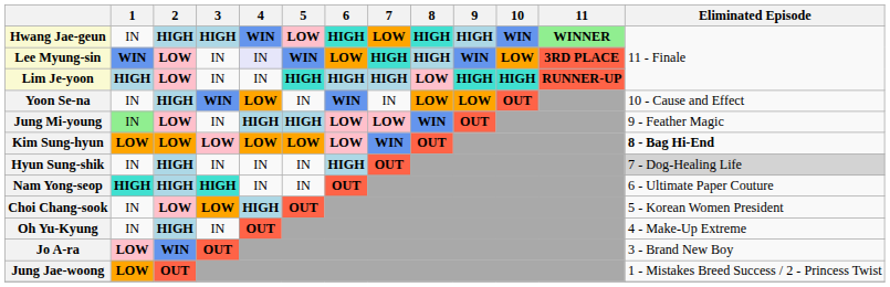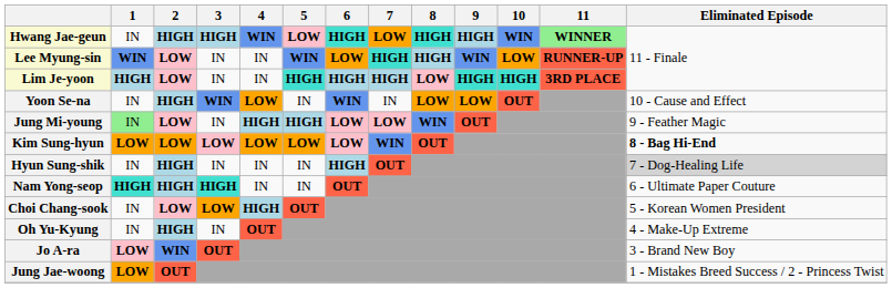 <table class="wikitable" style="text-align:center">
 <tr>
 <th></th>
 <th>1</th>
 <th>2</th>
 <th>3</th>
 <th>4</th>
 <th>5</th>
 <th>6</th>
 <th>7</th>
 <th>8</th>
 <th>9</th>
 <th>10</th>
 <th>11</th>
 <th>Eliminated Episode</th>
 </tr>
 <tr>
 <th style="background:#FAFAD2;">Hwang Jae-geun</th>
 <td>IN</td>
 <td style="background:lightblue;"><strong>HIGH</strong></td>
 <td style="background:lightblue;"><strong>HIGH</strong></td>
 <td style="background:cornflowerblue;"><strong>WIN</strong></td>
 <td style="background:pink;"><strong>LOW</strong></td>
 <td style="background:turquoise;"><strong>HIGH</strong></td>
 <td style="background:orange;"><strong>LOW</strong></td>
 <td style="background:turquoise;"><strong>HIGH</strong></td>
 <td style="background:lightblue;"><strong>HIGH</strong></td>
 <td style="background:cornflowerblue;"><strong>WIN</strong></td>
 <td style="background:lightgreen;"><strong>WINNER</strong></td>
 <td style="text-align:left" rowspan="3">11 - Finale</td>
 </tr>
 <tr>
 <th style="background:#FAFAD2;">Lee Myung-sin</th>
 <td style="background:cornflowerblue;"><strong>WIN</strong></td>
 <td style="background:pink;"><strong>LOW</strong></td>
 <td>IN</td>
-<td style="background: lavender;">IN</td>
+<td>IN</td>
 <td style="background:cornflowerblue;"><strong>WIN</strong></td>
 <td style="background:orange;"><strong>LOW</strong></td>
 <td style="background:turquoise;"><strong>HIGH</strong></td>
 <td style="background:lightblue;"><strong>HIGH</strong></td>
 <td style="background:cornflowerblue;"><strong>WIN</strong></td>
 <td style="background:orange;"><strong>LOW</strong></td>
-<td style="background:tomato;"><strong>3RD PLACE</strong></td>
+<td style="background:tomato;"><strong>RUNNER-UP</strong></td>
 </tr>
 <tr>
 <th style="background:#FAFAD2;">Lim Je-yoon</th>
 <td style="background:lightblue;"><strong>HIGH</strong></td>
 <td style="background:pink;"><strong>LOW</strong></td>
 <td>IN</td>
 <td>IN</td>
 <td style="background:turquoise;"><strong>HIGH</strong></td>
 <td style="background:lightblue;"><strong>HIGH</strong></td>
 <td style="background:lightblue;"><strong>HIGH</strong></td>
 <td style="background:pink;"><strong>LOW</strong></td>
 <td style="background:turquoise;"><strong>HIGH</strong></td>
 <td style="background:turquoise;"><strong>HIGH</strong></td>
-<td style="background:tomato;"><strong>RUNNER-UP</strong></td>
+<td style="background:tomato;"><strong>3RD PLACE</strong></td>
 </tr>
 <tr>
 <th>Yoon Se-na</th>
 <td>IN</td>
 <td style="background:lightblue;"><strong>HIGH</strong></td>
 <td style="background:cornflowerblue;"><strong>WIN</strong></td>
 <td style="background:orange;"><strong>LOW</strong></td>
 <td>IN</td>
 <td style="background:cornflowerblue;"><strong>WIN</strong></td>
 <td>IN</td>
 <td style="background:orange;"><strong>LOW</strong></td>
 <td style="background:orange;"><strong>LOW</strong></td>
 <td style="background:tomato;"><strong>OUT</strong></td>
 <td colspan=1 style="background:darkgray;"></td>
 <td style="text-align:left">10 - Cause and Effect</td>
 </tr>
 <tr>
 <th>Jung Mi-young</th>
 <td style="background: lightgreen;">IN</td>
 <td style="background:pink;"><strong>LOW</strong></td>
 <td>IN</td>
 <td style="background:lightblue;"><strong>HIGH</strong></td>
 <td style="background:lightblue;"><strong>HIGH</strong></td>
 <td style="background:pink;"><strong>LOW</strong></td>
 <td style="background:pink;"><strong>LOW</strong></td>
 <td style="background:cornflowerblue;"><strong>WIN</strong></td>
 <td style="background:tomato;"><strong>OUT</strong></td>
 <td colspan=2 style="background:darkgray;"></td>
 <td style="text-align:left">9 - Feather Magic</td>
 </tr>
 <tr>
 <th>Kim Sung-hyun</th>
 <td style="background:orange;"><strong>LOW</strong></td>
 <td style="background:orange;"><strong>LOW</strong></td>
 <td style="background:pink;"><strong>LOW</strong></td>
 <td style="background:orange;"><strong>LOW</strong></td>
 <td style="background:orange;"><strong>LOW</strong></td>
 <td style="background:pink;"><strong>LOW</strong></td>
 <td style="background:cornflowerblue;"><strong>WIN</strong></td>
 <td style="background:tomato;"><strong>OUT</strong></td>
 <td colspan=3 style="background:darkgray;"></td>
 <td style="text-align:left"><strong>8 - Bag Hi-End</strong></td>
 </tr>
 <tr>
 <th>Hyun Sung-shik</th>
 <td>IN</td>
 <td style="background:lightblue;"><strong>HIGH</strong></td>
 <td>IN</td>
 <td>IN</td>
 <td>IN</td>
 <td style="background:lightblue;"><strong>HIGH</strong></td>
 <td style="background:tomato;"><strong>OUT</strong></td>
 <td colspan=4 style="background:darkgray;"></td>
 <td style="background: lightgrey; text-align:left">7 - Dog-Healing Life</td>
 </tr>
 <tr>
 <th>Nam Yong-seop</th>
 <td style="background:turquoise;"><strong>HIGH</strong></td>
 <td style="background:lightblue;"><strong>HIGH</strong></td>
 <td style="background:turquoise;"><strong>HIGH</strong></td>
 <td>IN</td>
 <td>IN</td>
 <td style="background:tomato;"><strong>OUT</strong></td>
 <td colspan=5 style="background:darkgray;"></td>
 <td style="text-align:left">6 - Ultimate Paper Couture</td>
 </tr>
 <tr>
 <th>Choi Chang-sook</th>
 <td>IN</td>
 <td style="background:pink;"><strong>LOW</strong></td>
 <td style="background:orange;"><strong>LOW</strong></td>
 <td style="background:lightblue;"><strong>HIGH</strong></td>
 <td style="background:tomato;"><strong>OUT</strong></td>
 <td colspan=6 style="background:darkgray;"></td>
 <td style="text-align:left">5 - Korean Women President</td>
 </tr>
 <tr>
 <th>Oh Yu-Kyung</th>
 <td>IN</td>
 <td style="background:lightblue;"><strong>HIGH</strong></td>
 <td>IN</td>
 <td style="background:tomato;"><strong>OUT</strong></td>
 <td colspan=7 style="background:darkgray;"></td>
 <td style="text-align:left">4 - Make-Up Extreme</td>
 </tr>
 <tr>
 <th>Jo A-ra</th>
 <td style="background:pink;"><strong>LOW</strong></td>
 <td style="background:cornflowerblue;"><strong>WIN</strong></td>
 <td style="background:tomato;"><strong>OUT</strong></td>
 <td colspan=8 style="background:darkgray;"></td>
 <td style="text-align:left">3 - Brand New Boy</td>
 </tr>
 <tr>
 <th>Jung Jae-woong</th>
 <td style="background:orange;"><strong>LOW</strong></td>
 <td style="background:tomato;"><strong>OUT</strong></td>
 <td colspan=9 style="background:darkgray;"></td>
 <td style="text-align:left">1 - Mistakes Breed Success / 2 - Princess Twist</td>
 </tr>
 <tr>
 </tr>
 </table>
